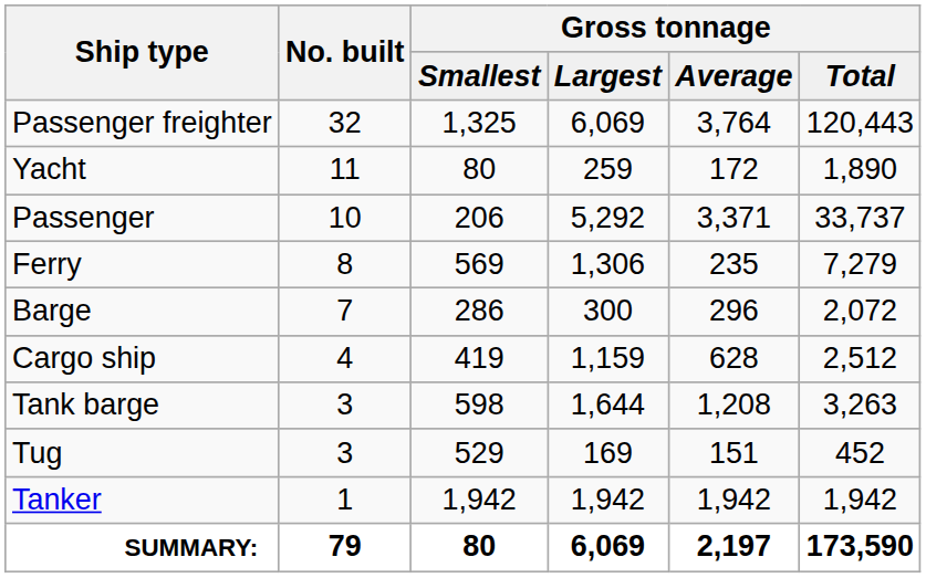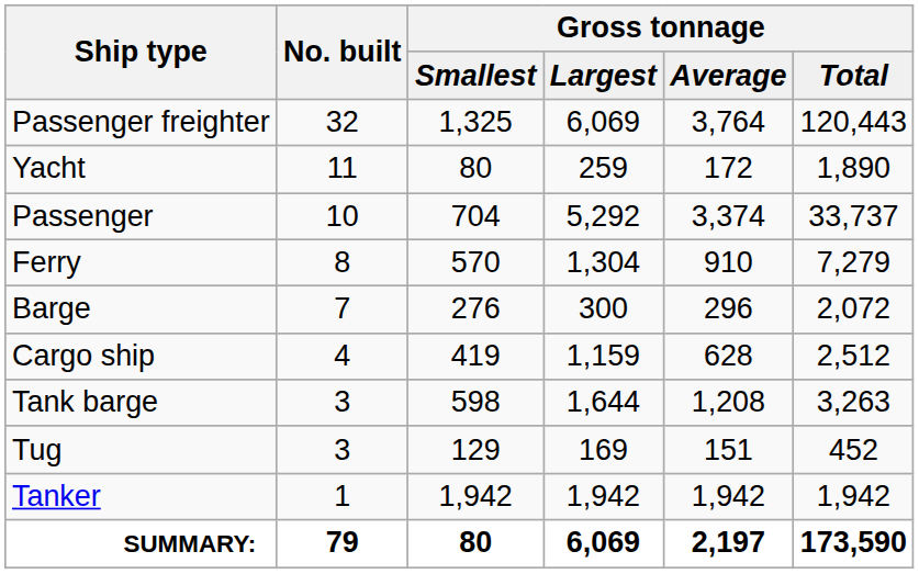 <table class="wikitable">
 <tr>
 <th rowspan="2">Ship type</th>
 <th rowspan="2">No. built</th>
 <th colspan="4">Gross tonnage</th>
 </tr>
 <tr style="background:#f0f0f0;">
 <td align="center"><strong><em>Smallest</em></strong></td>
 <td align="center"><strong><em>Largest</em></strong></td>
 <td align="center"><strong><em>Average</em></strong></td>
 <td align="center"><strong><em>Total</em></strong></td>
 </tr>
 <tr align="center">
 <td align="left">Passenger freighter</td>
 <td>32</td>
 <td>1,325</td>
 <td>6,069</td>
 <td>3,764</td>
 <td>120,443</td>
 </tr>
 <tr align="center">
 <td align="left">Yacht</td>
 <td>11</td>
 <td>80</td>
 <td>259</td>
 <td>172</td>
 <td>1,890</td>
 </tr>
 <tr align="center">
 <td align="left">Passenger</td>
 <td>10</td>
-<td>206</td>
+<td>704</td>
 <td>5,292</td>
-<td>3,371</td>
+<td>3,374</td>
 <td>33,737</td>
 </tr>
 <tr align="center">
 <td align="left">Ferry</td>
 <td>8</td>
-<td>569</td>
-<td>1,306</td>
-<td>235</td>
+<td>570</td>
+<td>1,304</td>
+<td>910</td>
 <td>7,279</td>
 </tr>
 <tr align="center">
 <td align="left">Barge</td>
 <td>7</td>
-<td>286</td>
+<td>276</td>
 <td>300</td>
 <td>296</td>
 <td>2,072</td>
 </tr>
 <tr align="center">
 <td align="left">Cargo ship</td>
 <td>4</td>
 <td>419</td>
 <td>1,159</td>
 <td>628</td>
 <td>2,512</td>
 </tr>
 <tr align="center">
 <td align="left">Tank barge</td>
 <td>3</td>
 <td>598</td>
 <td>1,644</td>
 <td>1,208</td>
 <td>3,263</td>
 </tr>
 <tr align="center">
 <td align="left">Tug</td>
 <td>3</td>
-<td>529</td>
+<td>129</td>
 <td>169</td>
 <td>151</td>
 <td>452</td>
 </tr>
 <tr align="center">
 <td align="left"><a href='#'>Tanker</a></td>
 <td>1</td>
 <td>1,942</td>
 <td>1,942</td>
 <td>1,942</td>
 <td>1,942</td>
 </tr>
 <tr class="sortbottom" style="background:white; font-weight:600;" align="center">
 <td align="right"><small>SUMMARY:  </small></td>
 <td>79</td>
 <td>80</td>
 <td>6,069</td>
 <td>2,197</td>
 <td>173,590</td>
 </tr>
 </table>
